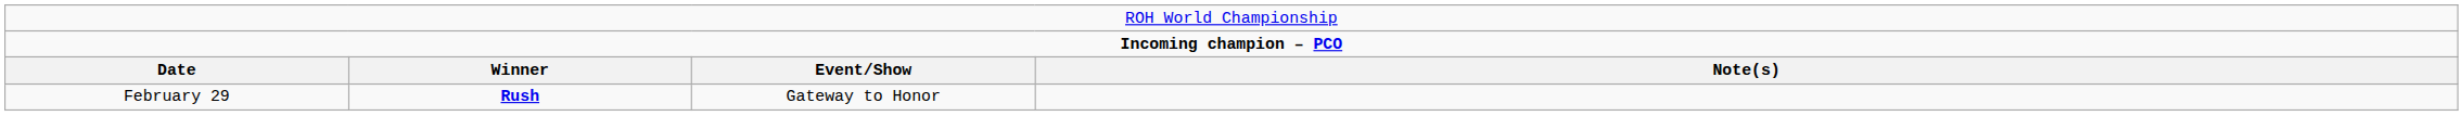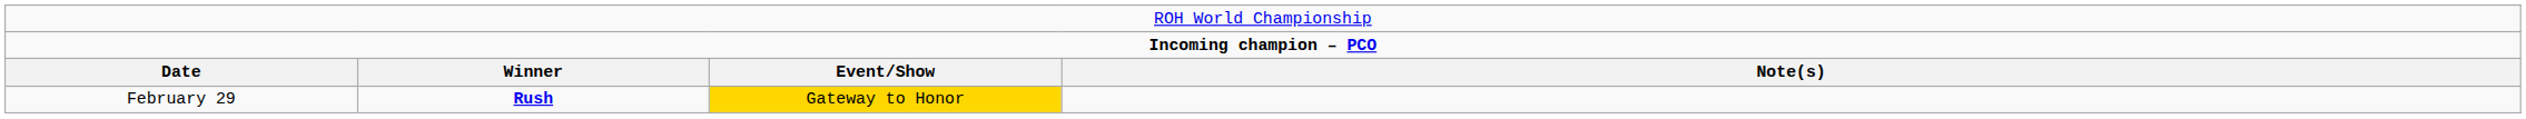 <table class="wikitable" style="text-align:center; width:100%;">
 <tr>
 <td colspan="4" style="text-align: center;"><a href='#'>ROH World Championship</a></td>
 </tr>
 <tr>
 <td colspan="4" style="text-align: center;"><strong>Incoming champion – <a href='#'>PCO</a></strong></td>
 </tr>
 <tr>
 <th width=14%>Date</th>
 <th width=14%>Winner</th>
 <th width=14%>Event/Show</th>
 <th width=58%>Note(s)</th>
 </tr>
 <tr>
 <td>February 29</td>
 <td><strong><a href='#'>Rush</a></strong></td>
-<td>Gateway to Honor</td>
+<td style="background: gold;">Gateway to Honor</td>
 <td></td>
 </tr>
 </table>
